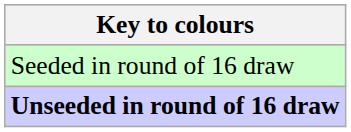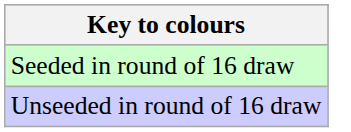 <table class="wikitable">
 <tr>
 <th>Key to colours</th>
 </tr>
 <tr bgcolor="#ccffcc">
 <td>Seeded in round of 16 draw</td>
 </tr>
 <tr bgcolor="#ccccff">
-<td><strong>Unseeded in round of 16 draw</strong></td>
+<td>Unseeded in round of 16 draw</td>
 </tr>
 </table>
